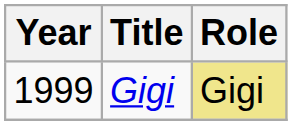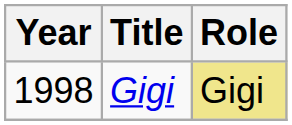 <table class="wikitable">
 <tr>
 <th>Year</th>
 <th>Title</th>
 <th>Role</th>
 </tr>
 <tr>
-<td>1999</td>
+<td>1998</td>
 <td><em><a href='#'>Gigi</a></em></td>
 <td style="background: khaki;">Gigi</td>
 </tr>
 <tr>
 </tr>
 </table>
